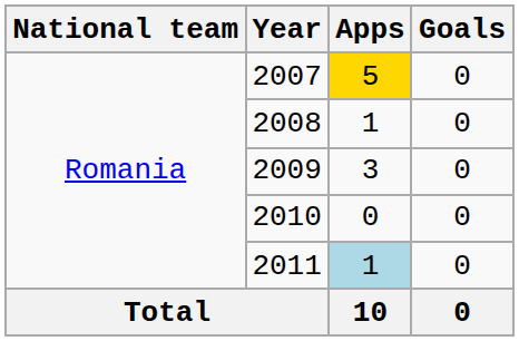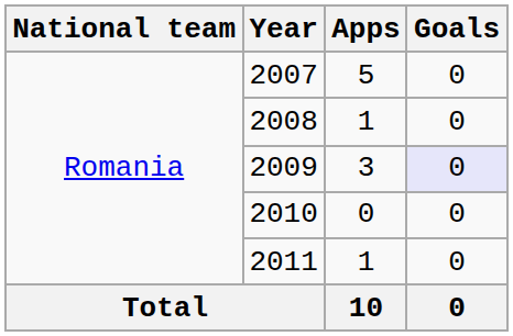 <table class="wikitable" style="text-align:center">
 <tr>
 <th>National team</th>
 <th>Year</th>
 <th>Apps</th>
 <th>Goals</th>
 </tr>
 <tr>
 <td rowspan="5"><a href='#'>Romania</a></td>
 <td>2007</td>
-<td style="background: gold;">5</td>
+<td>5</td>
 <td>0</td>
 </tr>
 <tr>
 <td>2008</td>
 <td>1</td>
 <td>0</td>
 </tr>
 <tr>
 <td>2009</td>
 <td>3</td>
-<td>0</td>
+<td style="background: lavender;">0</td>
 </tr>
 <tr>
 <td>2010</td>
 <td>0</td>
 <td>0</td>
 </tr>
 <tr>
 <td>2011</td>
-<td style="background: lightblue;">1</td>
+<td>1</td>
 <td>0</td>
 </tr>
 <tr>
 <th colspan="2">Total</th>
 <th>10</th>
 <th>0</th>
 </tr>
 </table>
